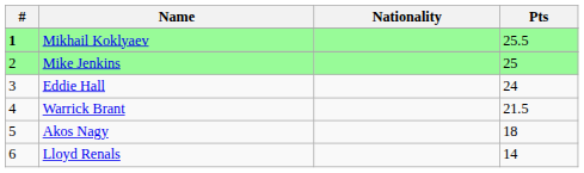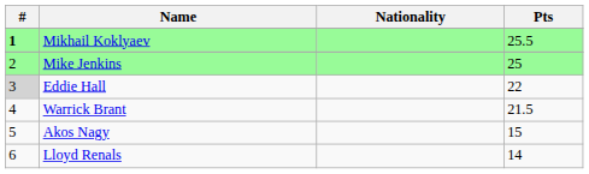 <table class="wikitable" style="display: inline-table; width: 50%;">
 <tr>
 <th>#</th>
 <th>Name</th>
 <th>Nationality</th>
 <th>Pts</th>
 </tr>
 <tr>
 </tr>
 <tr style="background:palegreen;">
 <td><strong>1</strong></td>
 <td><a href='#'>Mikhail Koklyaev</a></td>
 <td></td>
 <td>25.5</td>
 </tr>
 <tr>
 </tr>
 <tr style="background:palegreen;">
 <td>2</td>
 <td><a href='#'>Mike Jenkins</a></td>
 <td></td>
 <td>25</td>
 </tr>
 <tr>
-<td>3</td>
+<td style="background: lightgrey;">3</td>
 <td><a href='#'>Eddie Hall</a></td>
 <td></td>
-<td>24</td>
+<td>22</td>
 </tr>
 <tr>
 <td>4</td>
 <td><a href='#'>Warrick Brant</a></td>
 <td></td>
 <td>21.5</td>
 </tr>
 <tr>
 <td>5</td>
 <td><a href='#'>Akos Nagy</a></td>
 <td></td>
-<td>18</td>
+<td>15</td>
 </tr>
 <tr>
 <td>6</td>
 <td><a href='#'>Lloyd Renals</a></td>
 <td></td>
 <td>14</td>
 </tr>
 </table>
